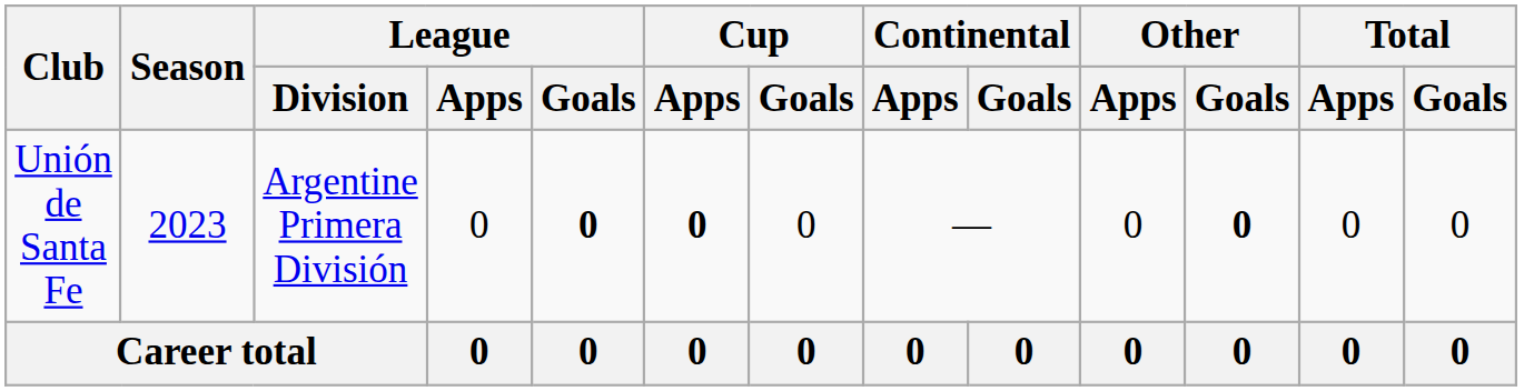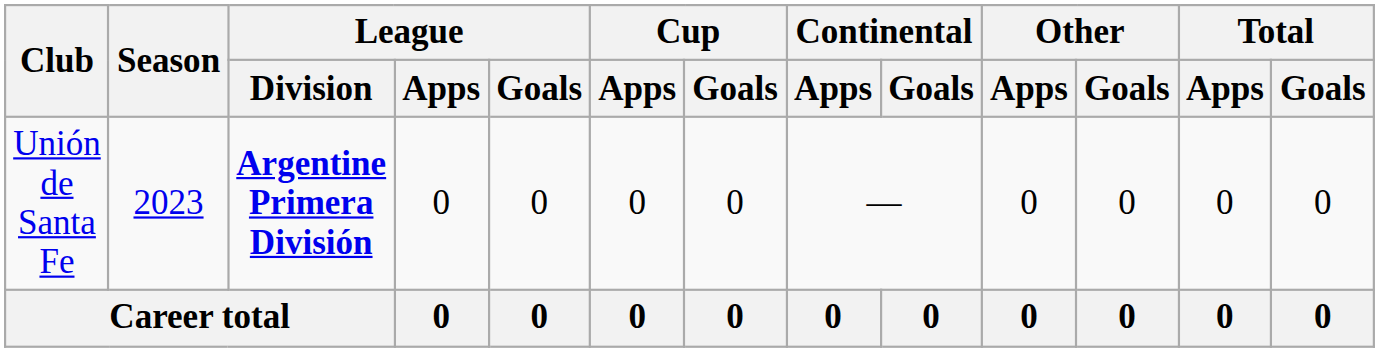 <table class=wikitable style=text-align:center>
 <tr>
 <th rowspan=2>Club</th>
 <th rowspan=2>Season</th>
 <th colspan=3>League</th>
 <th colspan=2>Cup</th>
 <th colspan=2>Continental</th>
 <th colspan=2>Other</th>
 <th colspan=2>Total</th>
 </tr>
 <tr>
 <th>Division</th>
 <th>Apps</th>
 <th>Goals</th>
 <th>Apps</th>
 <th>Goals</th>
 <th>Apps</th>
 <th>Goals</th>
 <th>Apps</th>
 <th>Goals</th>
 <th>Apps</th>
 <th>Goals</th>
 </tr>
 <tr>
 <td><a href='#'>Unión de Santa Fe</a></td>
 <td><a href='#'>2023</a></td>
-<td><a href='#'>Argentine Primera División</a></td>
+<td><strong><a href='#'>Argentine Primera División</a></strong></td>
 <td>0</td>
-<td><strong>0</strong></td>
-<td><strong>0</strong></td>
+<td>0</td>
+<td>0</td>
 <td>0</td>
 <td colspan=2>—</td>
 <td>0</td>
-<td><strong>0</strong></td>
+<td>0</td>
 <td>0</td>
 <td>0</td>
 </tr>
 <tr>
 <th colspan=3>Career total</th>
 <th>0</th>
 <th>0</th>
 <th>0</th>
 <th>0</th>
 <th>0</th>
 <th>0</th>
 <th>0</th>
 <th>0</th>
 <th>0</th>
 <th>0</th>
 </tr>
 </table>
